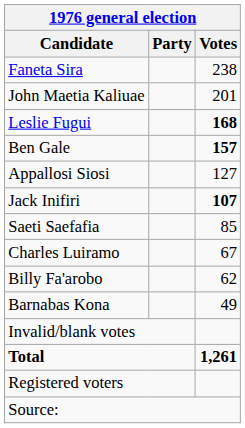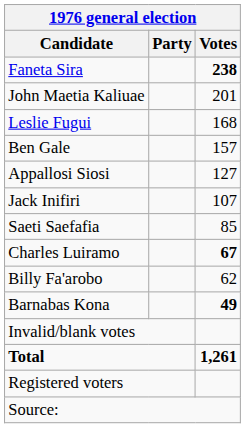 <table class=wikitable style=text-align:left>
 <tr>
 <th colspan=3><a href='#'>1976 general election</a></th>
 </tr>
 <tr>
 <th>Candidate</th>
 <th>Party</th>
 <th>Votes</th>
 </tr>
 <tr>
 <td><a href='#'>Faneta Sira</a></td>
 <td></td>
-<td align=right>238</td>
+<td align=right><strong>238</strong></td>
 </tr>
 <tr>
 <td>John Maetia Kaliuae</td>
 <td></td>
 <td align=right>201</td>
 </tr>
 <tr>
 <td><a href='#'>Leslie Fugui</a></td>
 <td></td>
-<td align=right><strong>168</strong></td>
+<td align=right>168</td>
 </tr>
 <tr>
 <td>Ben Gale</td>
 <td></td>
-<td align=right><strong>157</strong></td>
+<td align=right>157</td>
 </tr>
 <tr>
 <td>Appallosi Siosi</td>
 <td></td>
 <td align=right>127</td>
 </tr>
 <tr>
 <td>Jack Inifiri</td>
 <td></td>
-<td align=right><strong>107</strong></td>
+<td align=right>107</td>
 </tr>
 <tr>
 <td>Saeti Saefafia</td>
 <td></td>
 <td align=right>85</td>
 </tr>
 <tr>
 <td>Charles Luiramo</td>
 <td></td>
-<td align=right>67</td>
+<td align=right><strong>67</strong></td>
 </tr>
 <tr>
 <td>Billy Fa'arobo</td>
 <td></td>
 <td align=right>62</td>
 </tr>
 <tr>
 <td>Barnabas Kona</td>
 <td></td>
-<td align=right>49</td>
+<td align=right><strong>49</strong></td>
 </tr>
 <tr>
 <td colspan=2>Invalid/blank votes</td>
 <td></td>
 </tr>
 <tr>
 <td colspan=2><strong>Total</strong></td>
 <td align=right><strong>1,261</strong></td>
 </tr>
 <tr>
 <td colspan=2>Registered voters</td>
 <td align=right></td>
 </tr>
 <tr>
 <td colspan=3>Source: </td>
 </tr>
 </table>
